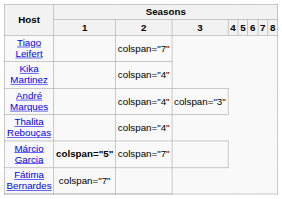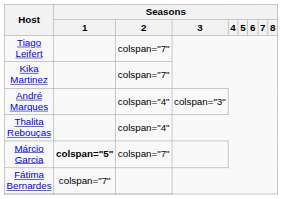 <table class="wikitable" style="text-align:center; width:50%">
 <tr>
 <th rowspan="2" width="21%">Host</th>
 <th colspan="8">Seasons</th>
 </tr>
 <tr>
 <th width="8%">1</th>
 <th width="8%">2</th>
 <th width="8%">3</th>
 <th width="8%">4</th>
 <th width="8%">5</th>
 <th width="8%">6</th>
 <th width="8%">7</th>
 <th width="8%">8</th>
 </tr>
 <tr>
 <td><a href='#'>Tiago Leifert</a></td>
 <td></td>
 <td>colspan="7" </td>
 </tr>
 <tr>
 <td><a href='#'>Kika Martinez</a></td>
 <td></td>
-<td>colspan="4" </td>
+<td>colspan="7" </td>
 </tr>
 <tr>
 <td><a href='#'>André Marques</a></td>
 <td></td>
 <td>colspan="4" </td>
 <td>colspan="3" </td>
 </tr>
 <tr>
 <td><a href='#'>Thalita Rebouças</a></td>
 <td></td>
 <td>colspan="4" </td>
 </tr>
 <tr>
 <td><a href='#'>Márcio Garcia</a></td>
 <td><strong>colspan="5" </strong></td>
 <td>colspan="7" </td>
 <td></td>
 </tr>
 <tr>
 <td><a href='#'>Fátima Bernardes</a></td>
 <td>colspan="7" </td>
 <td></td>
 </tr>
 <tr>
 </tr>
 </table>
